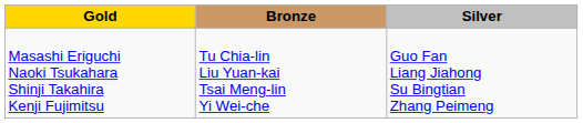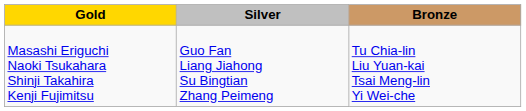 <table class="wikitable" style="text-align:left">
 <tr align="center">
 <td width=200 bgcolor=gold><strong>Gold</strong></td>
+<td width=200 bgcolor=silver><strong>Silver</strong></td>
 <td width=200 bgcolor=CC9966><strong>Bronze</strong></td>
-<td width=200 bgcolor=silver><strong>Silver</strong></td>
 </tr>
 <tr>
 <td valign=top><em></em><br><a href='#'>Masashi Eriguchi</a><br><a href='#'>Naoki Tsukahara</a><br><a href='#'>Shinji Takahira</a><br><a href='#'>Kenji Fujimitsu</a></td>
+<td valign=top><em></em><br><a href='#'>Guo Fan</a><br><a href='#'>Liang Jiahong</a><br><a href='#'>Su Bingtian</a><br><a href='#'>Zhang Peimeng</a></td>
 <td valign=top><em></em><br><a href='#'>Tu Chia-lin</a><br><a href='#'>Liu Yuan-kai</a><br><a href='#'>Tsai Meng-lin</a><br><a href='#'>Yi Wei-che</a></td>
-<td valign=top><em></em><br><a href='#'>Guo Fan</a><br><a href='#'>Liang Jiahong</a><br><a href='#'>Su Bingtian</a><br><a href='#'>Zhang Peimeng</a></td>
 </tr>
 </table>
